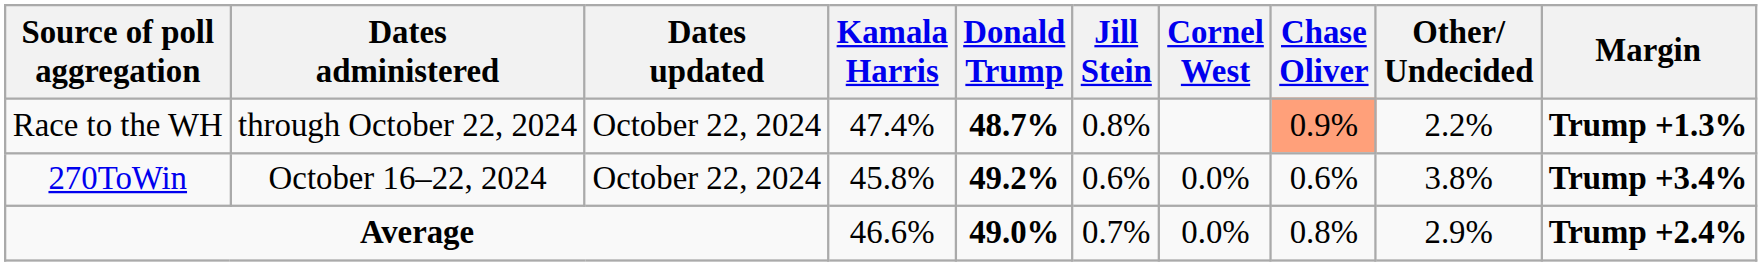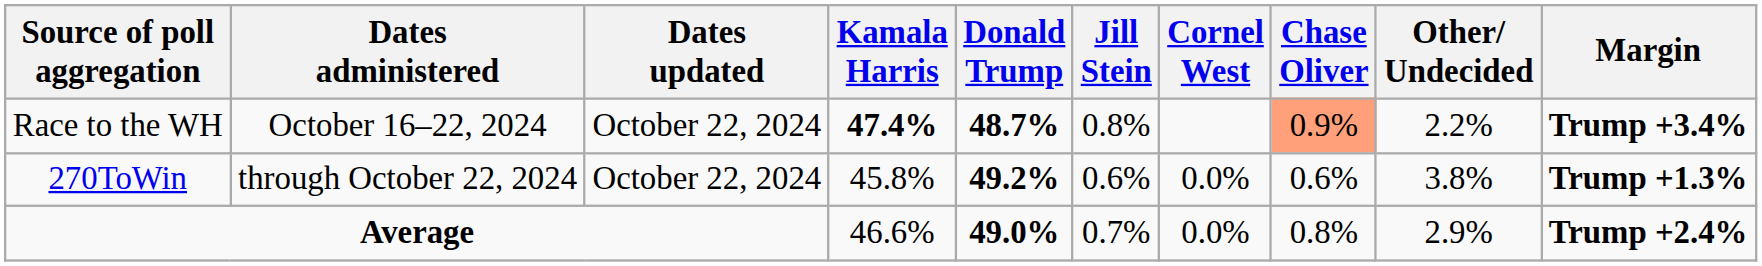 <table class="wikitable sortable mw-datatable" style="text-align:center;font-size:90%;line-height:17px">
 <tr>
 <th>Source of poll<br>aggregation</th>
 <th>Dates<br>administered</th>
 <th>Dates<br>updated</th>
 <th class="unsortable"><a href='#'>Kamala <br>Harris</a><br><small></small></th>
 <th class="unsortable"><a href='#'>Donald<br>Trump</a><br><small></small></th>
 <th class="unsortable"><a href='#'>Jill<br>Stein</a><br><small></small></th>
 <th class="unsortable"><a href='#'>Cornel<br>West</a><br><small></small></th>
 <th class="unsortable"><a href='#'>Chase<br>Oliver</a><br><small></small></th>
 <th class="unsortable">Other/<br>Undecided<br></th>
 <th>Margin</th>
 </tr>
 <tr>
 <td>Race to the WH</td>
-<td>through October 22, 2024</td>
+<td>October 16–22, 2024</td>
 <td>October 22, 2024</td>
-<td>47.4%</td>
+<td><strong>47.4%</strong></td>
 <td style="background-color:"><strong>48.7%</strong></td>
 <td>0.8%</td>
 <td></td>
 <td style="background: lightsalmon;">0.9%</td>
 <td>2.2%</td>
-<td style="background-color:"><strong>Trump +1.3%</strong></td>
+<td style="background-color:"><strong>Trump +3.4%</strong></td>
 </tr>
 <tr>
 <td><a href='#'>270ToWin</a></td>
-<td>October 16–22, 2024</td>
+<td>through October 22, 2024</td>
 <td>October 22, 2024</td>
 <td>45.8%</td>
 <td style="background-color:"><strong>49.2%</strong></td>
 <td>0.6%</td>
 <td>0.0%</td>
 <td>0.6%</td>
 <td>3.8%</td>
-<td style="background-color:"><strong>Trump +3.4%</strong></td>
+<td style="background-color:"><strong>Trump +1.3%</strong></td>
 </tr>
 <tr>
 <td colspan="3"><strong>Average</strong></td>
 <td>46.6%</td>
 <td style="background-color:"><strong>49.0%</strong></td>
 <td>0.7%</td>
 <td>0.0%</td>
 <td>0.8%</td>
 <td>2.9%</td>
 <td style="background-color:"><strong>Trump +2.4%</strong></td>
 </tr>
 </table>
